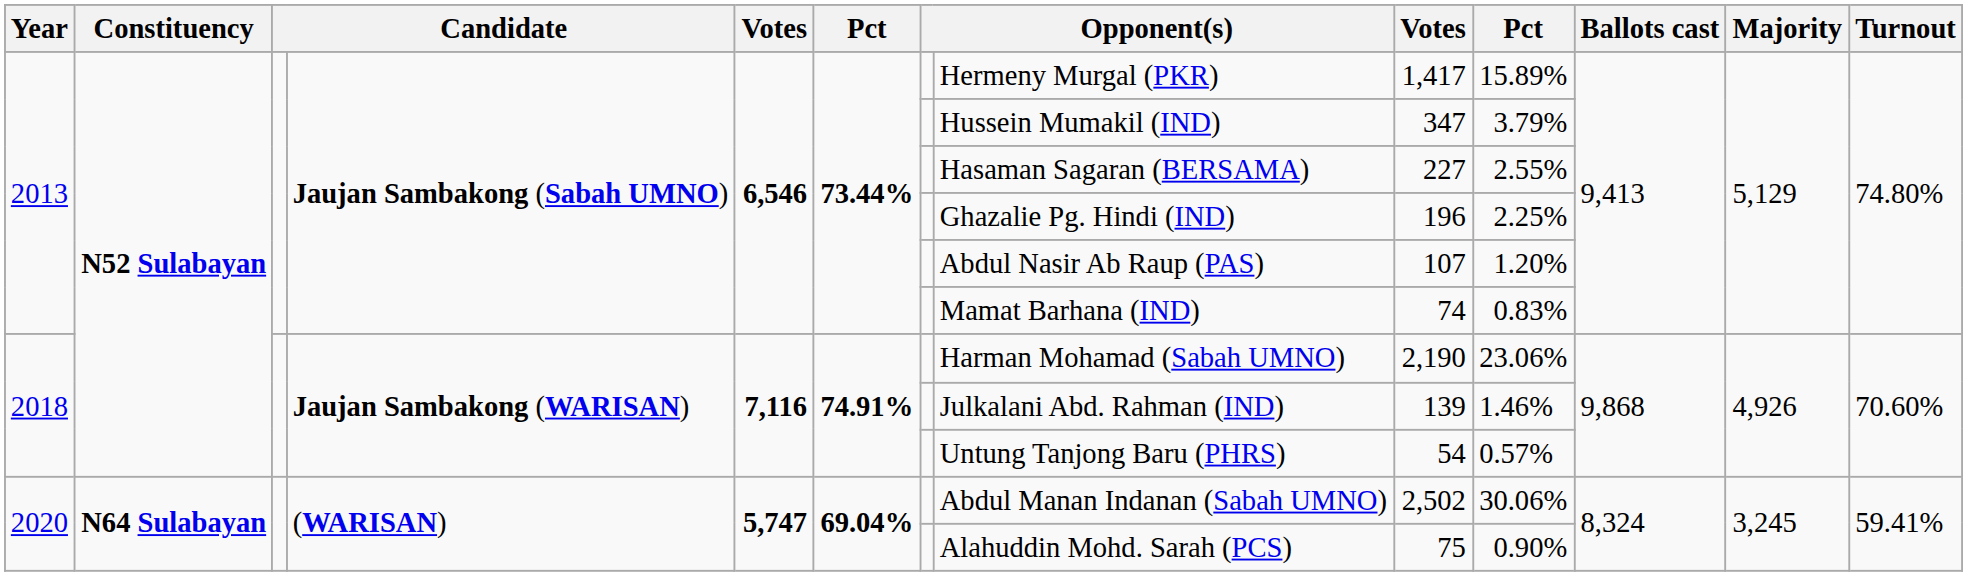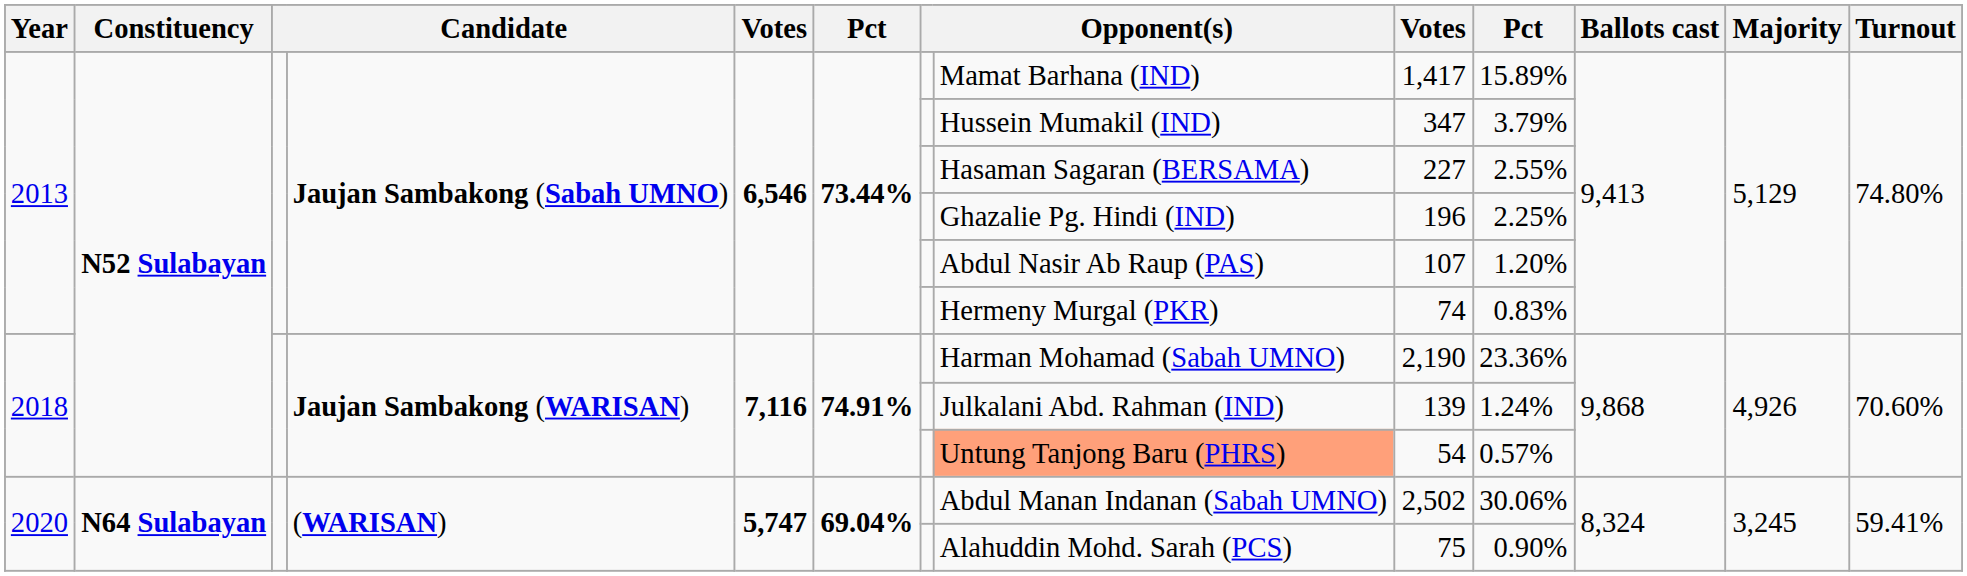 <table class="wikitable" style="margin:0.5em ; font-size:95%">
 <tr>
 <th>Year</th>
 <th>Constituency</th>
 <th colspan=2>Candidate</th>
 <th>Votes</th>
 <th>Pct</th>
 <th colspan=2>Opponent(s)</th>
 <th>Votes</th>
 <th>Pct</th>
 <th>Ballots cast</th>
 <th>Majority</th>
 <th>Turnout</th>
 </tr>
 <tr>
 <td rowspan=6><a href='#'>2013</a></td>
 <td rowspan=9><strong>N52 <a href='#'>Sulabayan</a></strong></td>
 <td rowspan=6 ></td>
 <td rowspan=6><strong>Jaujan Sambakong</strong> (<a href='#'><strong>Sabah UMNO</strong></a>)</td>
 <td rowspan=6 align="right"><strong>6,546</strong></td>
 <td rowspan=6><strong>73.44%</strong></td>
 <td></td>
-<td>Hermeny Murgal (<a href='#'>PKR</a>)</td>
+<td>Mamat Barhana (<a href='#'>IND</a>)</td>
 <td align="right">1,417</td>
 <td>15.89%</td>
 <td rowspan=6>9,413</td>
 <td rowspan=6>5,129</td>
 <td rowspan=6>74.80%</td>
 </tr>
 <tr>
 <td></td>
 <td>Hussein Mumakil (<a href='#'>IND</a>)</td>
 <td align="right">347</td>
 <td align="right">3.79%</td>
 </tr>
 <tr>
 <td></td>
 <td>Hasaman Sagaran (<a href='#'>BERSAMA</a>)</td>
 <td align="right">227</td>
 <td align="right">2.55%</td>
 </tr>
 <tr>
 <td></td>
 <td>Ghazalie Pg. Hindi (<a href='#'>IND</a>)</td>
 <td align="right">196</td>
 <td align="right">2.25%</td>
 </tr>
 <tr>
 <td></td>
 <td>Abdul Nasir Ab Raup (<a href='#'>PAS</a>)</td>
 <td align="right">107</td>
 <td align="right">1.20%</td>
 </tr>
 <tr>
 <td></td>
-<td>Mamat Barhana (<a href='#'>IND</a>)</td>
+<td>Hermeny Murgal (<a href='#'>PKR</a>)</td>
 <td align="right">74</td>
 <td align="right">0.83%</td>
 </tr>
 <tr>
 <td rowspan=3><a href='#'>2018</a></td>
 <td rowspan=3 ></td>
 <td rowspan=3><strong>Jaujan Sambakong</strong> (<strong><a href='#'>WARISAN</a></strong>)</td>
 <td rowspan=3 align="right"><strong>7,116</strong></td>
 <td rowspan=3><strong>74.91%</strong></td>
 <td></td>
 <td>Harman Mohamad (<a href='#'>Sabah UMNO</a>)</td>
 <td align="right">2,190</td>
-<td>23.06%</td>
+<td>23.36%</td>
 <td rowspan=3>9,868</td>
 <td rowspan=3>4,926</td>
 <td rowspan=3>70.60%</td>
 </tr>
 <tr>
 <td></td>
 <td>Julkalani Abd. Rahman (<a href='#'>IND</a>)</td>
 <td align="right">139</td>
-<td>1.46%</td>
+<td>1.24%</td>
 </tr>
 <tr>
 <td></td>
-<td>Untung Tanjong Baru (<a href='#'>PHRS</a>)</td>
+<td style="background: lightsalmon;">Untung Tanjong Baru (<a href='#'>PHRS</a>)</td>
 <td align="right">54</td>
 <td>0.57%</td>
 </tr>
 <tr>
 <td rowspan=2><a href='#'>2020</a></td>
 <td rowspan=2><strong>N64 <a href='#'>Sulabayan</a></strong></td>
 <td rowspan=2 ></td>
 <td rowspan=2> (<strong><a href='#'>WARISAN</a></strong>)</td>
 <td rowspan=2 align="right"><strong>5,747</strong></td>
 <td rowspan=2><strong>69.04%</strong></td>
 <td></td>
 <td>Abdul Manan Indanan (<a href='#'>Sabah UMNO</a>)</td>
 <td align="right">2,502</td>
 <td>30.06%</td>
 <td rowspan=2>8,324</td>
 <td rowspan=2>3,245</td>
 <td rowspan=2>59.41%</td>
 </tr>
 <tr>
 <td></td>
 <td>Alahuddin Mohd. Sarah (<a href='#'>PCS</a>)</td>
 <td align="right">75</td>
 <td align="right">0.90%</td>
 </tr>
 </table>
